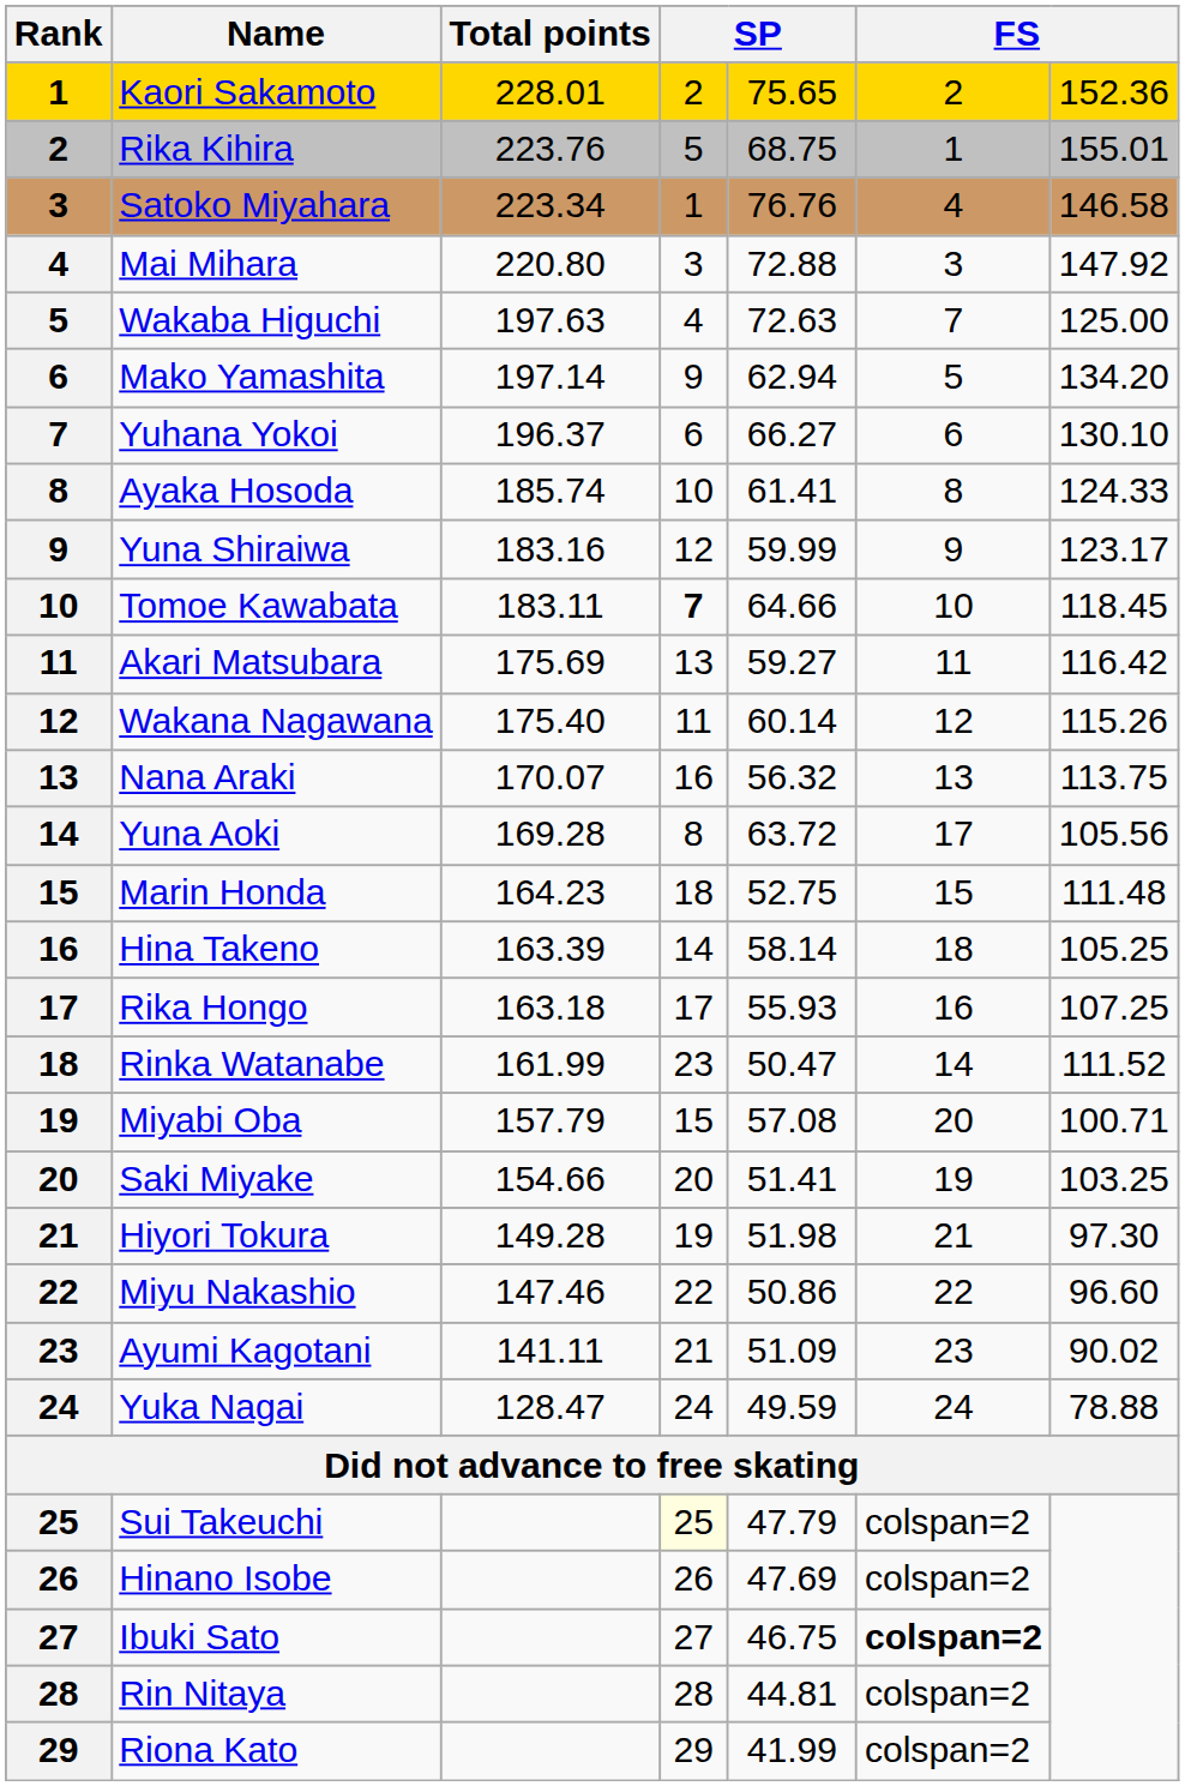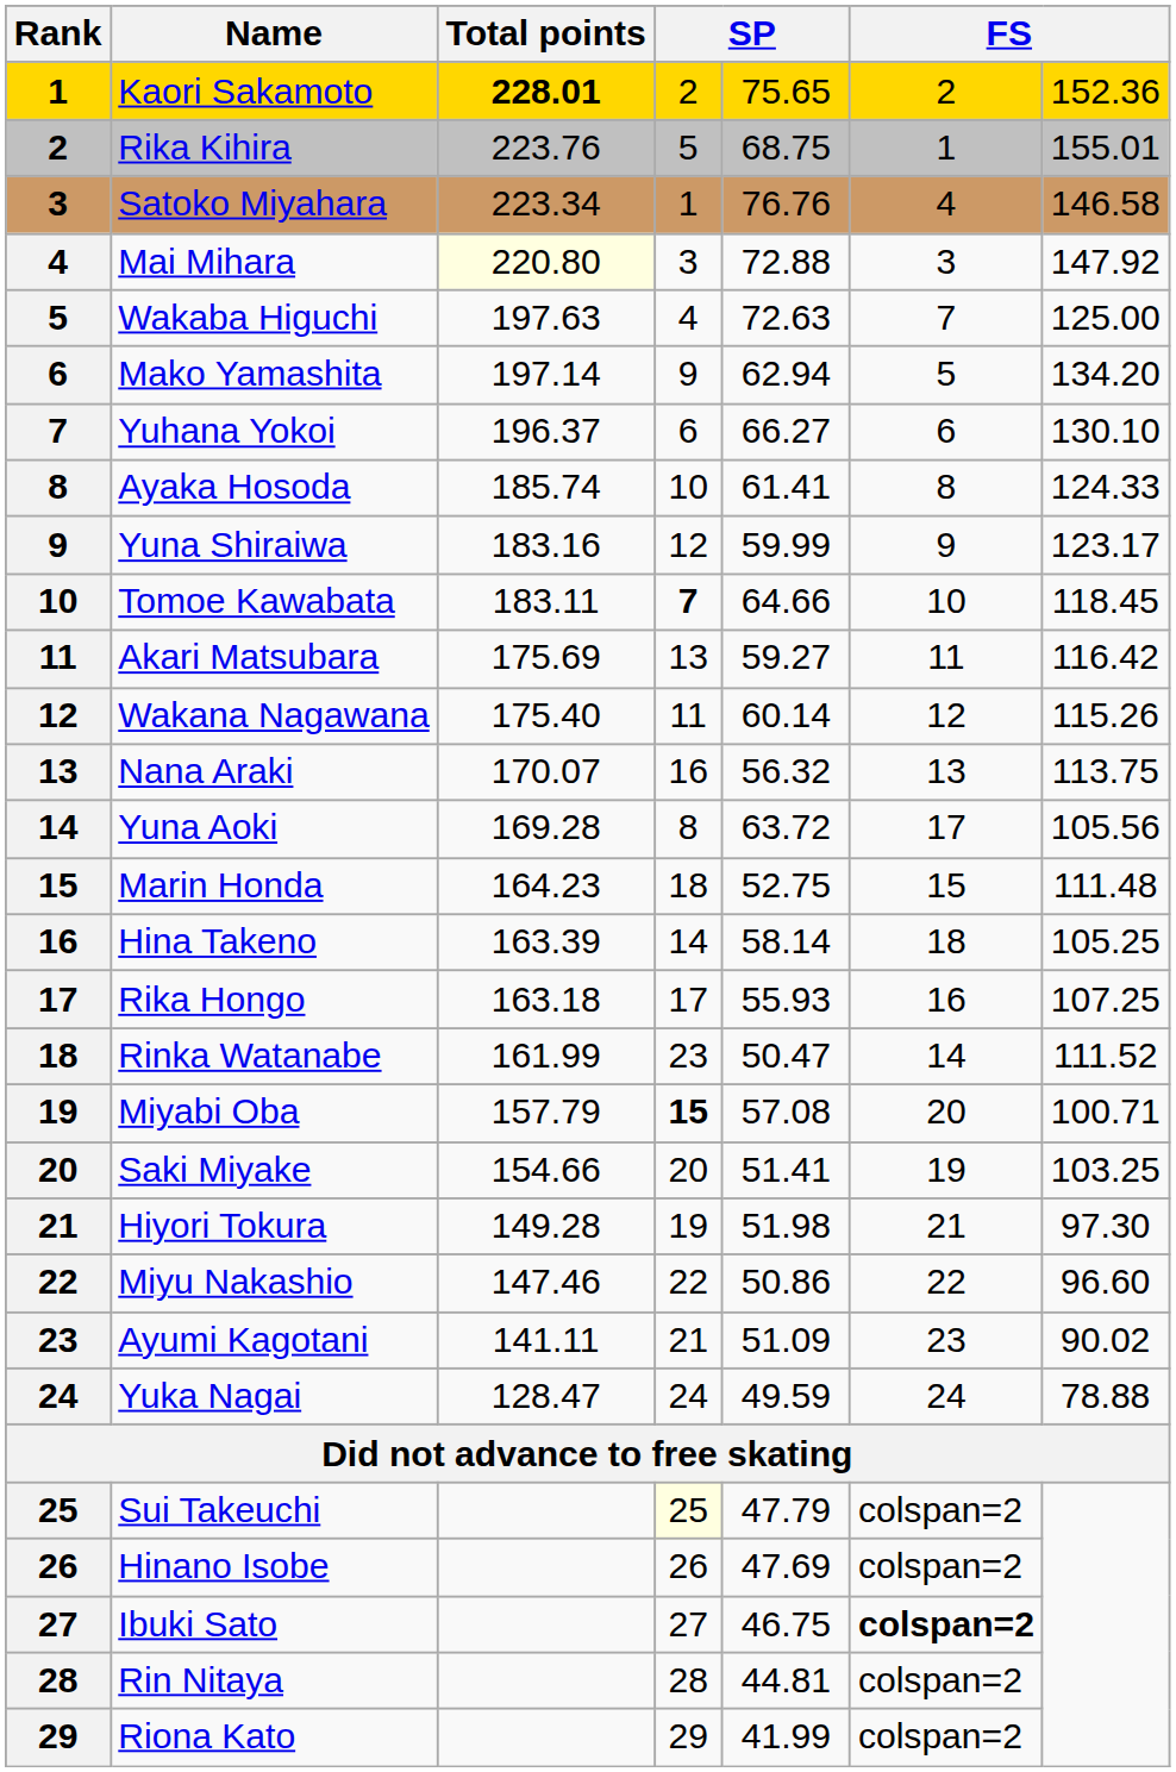 <table class="wikitable sortable">
 <tr>
 <th>Rank</th>
 <th>Name</th>
 <th>Total points</th>
 <th colspan="2" width="80px"><a href='#'>SP</a></th>
 <th colspan="2" width="80px"><a href='#'>FS</a></th>
 </tr>
 <tr bgcolor="gold">
 <td align="center"><strong>1</strong></td>
 <td><a href='#'>Kaori Sakamoto</a></td>
-<td align="center">228.01</td>
+<td align="center"><strong>228.01</strong></td>
 <td align="center">2</td>
 <td align="center">75.65</td>
 <td align="center">2</td>
 <td align="center">152.36</td>
 </tr>
 <tr bgcolor="silver">
 <td align="center"><strong>2</strong></td>
 <td><a href='#'>Rika Kihira</a></td>
 <td align="center">223.76</td>
 <td align="center">5</td>
 <td align="center">68.75</td>
 <td align="center">1</td>
 <td align="center">155.01</td>
 </tr>
 <tr bgcolor="cc9966">
 <td align="center"><strong>3</strong></td>
 <td><a href='#'>Satoko Miyahara</a></td>
 <td align="center">223.34</td>
 <td align="center">1</td>
 <td align="center">76.76</td>
 <td align="center">4</td>
 <td align="center">146.58</td>
 </tr>
 <tr>
 <th>4</th>
 <td><a href='#'>Mai Mihara</a></td>
-<td align="center">220.80</td>
+<td align="center" style="background: lightyellow;">220.80</td>
 <td align="center">3</td>
 <td align="center">72.88</td>
 <td align="center">3</td>
 <td align="center">147.92</td>
 </tr>
 <tr>
 <th>5</th>
 <td><a href='#'>Wakaba Higuchi</a></td>
 <td align="center">197.63</td>
 <td align="center">4</td>
 <td align="center">72.63</td>
 <td align="center">7</td>
 <td align="center">125.00</td>
 </tr>
 <tr>
 <th>6</th>
 <td><a href='#'>Mako Yamashita</a></td>
 <td align="center">197.14</td>
 <td align="center">9</td>
 <td align="center">62.94</td>
 <td align="center">5</td>
 <td align="center">134.20</td>
 </tr>
 <tr>
 <th>7</th>
 <td><a href='#'>Yuhana Yokoi</a></td>
 <td align="center">196.37</td>
 <td align="center">6</td>
 <td align="center">66.27</td>
 <td align="center">6</td>
 <td align="center">130.10</td>
 </tr>
 <tr>
 <th>8</th>
 <td><a href='#'>Ayaka Hosoda</a></td>
 <td align="center">185.74</td>
 <td align="center">10</td>
 <td align="center">61.41</td>
 <td align="center">8</td>
 <td align="center">124.33</td>
 </tr>
 <tr>
 <th>9</th>
 <td><a href='#'>Yuna Shiraiwa</a></td>
 <td align="center">183.16</td>
 <td align="center">12</td>
 <td align="center">59.99</td>
 <td align="center">9</td>
 <td align="center">123.17</td>
 </tr>
 <tr>
 <th>10</th>
 <td><a href='#'>Tomoe Kawabata</a></td>
 <td align="center">183.11</td>
 <td align="center"><strong>7</strong></td>
 <td align="center">64.66</td>
 <td align="center">10</td>
 <td align="center">118.45</td>
 </tr>
 <tr>
 <th>11</th>
 <td><a href='#'>Akari Matsubara</a></td>
 <td align="center">175.69</td>
 <td align="center">13</td>
 <td align="center">59.27</td>
 <td align="center">11</td>
 <td align="center">116.42</td>
 </tr>
 <tr>
 <th>12</th>
 <td><a href='#'>Wakana Nagawana</a></td>
 <td align="center">175.40</td>
 <td align="center">11</td>
 <td align="center">60.14</td>
 <td align="center">12</td>
 <td align="center">115.26</td>
 </tr>
 <tr>
 <th>13</th>
 <td><a href='#'>Nana Araki</a></td>
 <td align="center">170.07</td>
 <td align="center">16</td>
 <td align="center">56.32</td>
 <td align="center">13</td>
 <td align="center">113.75</td>
 </tr>
 <tr>
 <th>14</th>
 <td><a href='#'>Yuna Aoki</a></td>
 <td align="center">169.28</td>
 <td align="center">8</td>
 <td align="center">63.72</td>
 <td align="center">17</td>
 <td align="center">105.56</td>
 </tr>
 <tr>
 <th>15</th>
 <td><a href='#'>Marin Honda</a></td>
 <td align="center">164.23</td>
 <td align="center">18</td>
 <td align="center">52.75</td>
 <td align="center">15</td>
 <td align="center">111.48</td>
 </tr>
 <tr>
 <th>16</th>
 <td><a href='#'>Hina Takeno</a></td>
 <td align="center">163.39</td>
 <td align="center">14</td>
 <td align="center">58.14</td>
 <td align="center">18</td>
 <td align="center">105.25</td>
 </tr>
 <tr>
 <th>17</th>
 <td><a href='#'>Rika Hongo</a></td>
 <td align="center">163.18</td>
 <td align="center">17</td>
 <td align="center">55.93</td>
 <td align="center">16</td>
 <td align="center">107.25</td>
 </tr>
 <tr>
 <th>18</th>
 <td><a href='#'>Rinka Watanabe</a></td>
 <td align="center">161.99</td>
 <td align="center">23</td>
 <td align="center">50.47</td>
 <td align="center">14</td>
 <td align="center">111.52</td>
 </tr>
 <tr>
 <th>19</th>
 <td><a href='#'>Miyabi Oba</a></td>
 <td align="center">157.79</td>
-<td align="center">15</td>
+<td align="center"><strong>15</strong></td>
 <td align="center">57.08</td>
 <td align="center">20</td>
 <td align="center">100.71</td>
 </tr>
 <tr>
 <th>20</th>
 <td><a href='#'>Saki Miyake</a></td>
 <td align="center">154.66</td>
 <td align="center">20</td>
 <td align="center">51.41</td>
 <td align="center">19</td>
 <td align="center">103.25</td>
 </tr>
 <tr>
 <th>21</th>
 <td><a href='#'>Hiyori Tokura</a></td>
 <td align="center">149.28</td>
 <td align="center">19</td>
 <td align="center">51.98</td>
 <td align="center">21</td>
 <td align="center">97.30</td>
 </tr>
 <tr>
 <th>22</th>
 <td><a href='#'>Miyu Nakashio</a></td>
 <td align="center">147.46</td>
 <td align="center">22</td>
 <td align="center">50.86</td>
 <td align="center">22</td>
 <td align="center">96.60</td>
 </tr>
 <tr>
 <th>23</th>
 <td><a href='#'>Ayumi Kagotani</a></td>
 <td align="center">141.11</td>
 <td align="center">21</td>
 <td align="center">51.09</td>
 <td align="center">23</td>
 <td align="center">90.02</td>
 </tr>
 <tr>
 <th>24</th>
 <td><a href='#'>Yuka Nagai</a></td>
 <td align="center">128.47</td>
 <td align="center">24</td>
 <td align="center">49.59</td>
 <td align="center">24</td>
 <td align="center">78.88</td>
 </tr>
 <tr>
 <th colspan=7>Did not advance to free skating</th>
 </tr>
 <tr>
 <th>25</th>
 <td><a href='#'>Sui Takeuchi</a></td>
 <td></td>
 <td align="center" style="background: lightyellow;">25</td>
 <td align="center">47.79</td>
 <td>colspan=2 </td>
 </tr>
 <tr>
 <th>26</th>
 <td><a href='#'>Hinano Isobe</a></td>
 <td></td>
 <td align="center">26</td>
 <td align="center">47.69</td>
 <td>colspan=2 </td>
 </tr>
 <tr>
 <th>27</th>
 <td><a href='#'>Ibuki Sato</a></td>
 <td></td>
 <td align="center">27</td>
 <td align="center">46.75</td>
 <td><strong>colspan=2 </strong></td>
 </tr>
 <tr>
 <th>28</th>
 <td><a href='#'>Rin Nitaya</a></td>
 <td></td>
 <td align="center">28</td>
 <td align="center">44.81</td>
 <td>colspan=2 </td>
 </tr>
 <tr>
 <th>29</th>
 <td><a href='#'>Riona Kato</a></td>
 <td></td>
 <td align="center">29</td>
 <td align="center">41.99</td>
 <td>colspan=2 </td>
 </tr>
 </table>
